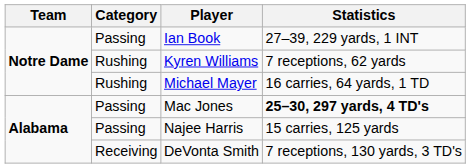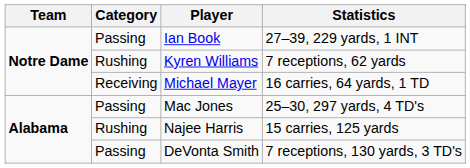 <table class="wikitable" style="float: right;">
 <tr>
 <th>Team</th>
 <th>Category</th>
 <th>Player</th>
 <th>Statistics</th>
 </tr>
 <tr>
 <td rowspan=3><strong>Notre Dame</strong></td>
 <td>Passing</td>
 <td><a href='#'>Ian Book</a></td>
 <td>27–39, 229 yards, 1 INT</td>
 </tr>
 <tr>
 <td>Rushing</td>
 <td><a href='#'>Kyren Williams</a></td>
 <td>7 receptions, 62 yards</td>
 </tr>
 <tr>
-<td>Rushing</td>
+<td>Receiving</td>
 <td><a href='#'>Michael Mayer</a></td>
 <td>16 carries, 64 yards, 1 TD</td>
 </tr>
 <tr>
 <td rowspan=3><strong>Alabama</strong></td>
 <td>Passing</td>
 <td>Mac Jones</td>
-<td><strong>25–30, 297 yards, 4 TD's</strong></td>
+<td>25–30, 297 yards, 4 TD's</td>
 </tr>
 <tr>
-<td>Passing</td>
+<td>Rushing</td>
 <td>Najee Harris</td>
 <td>15 carries, 125 yards</td>
 </tr>
 <tr>
-<td>Receiving</td>
+<td>Passing</td>
 <td>DeVonta Smith</td>
 <td>7 receptions, 130 yards, 3 TD's</td>
 </tr>
 </table>
